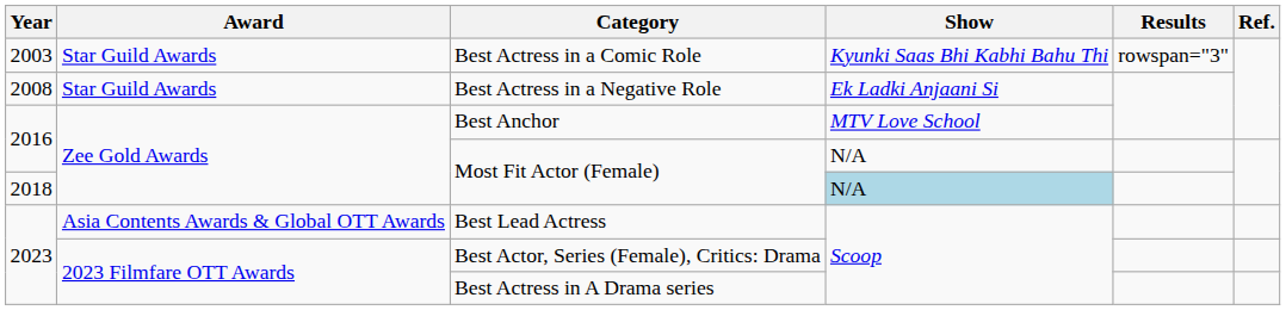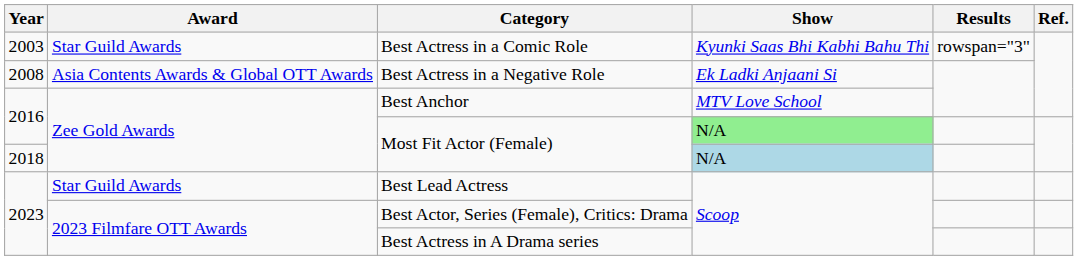 <table class="wikitable">
 <tr>
 <th>Year</th>
 <th>Award</th>
 <th>Category</th>
 <th>Show</th>
 <th>Results</th>
 <th>Ref.</th>
 </tr>
 <tr>
 <td rowspan="1">2003</td>
 <td><a href='#'>Star Guild Awards</a></td>
 <td>Best Actress in a Comic Role</td>
 <td rowspan="1"><em><a href='#'>Kyunki Saas Bhi Kabhi Bahu Thi</a></em></td>
 <td>rowspan="3" </td>
 <td rowspan="3"></td>
 </tr>
 <tr>
 <td>2008</td>
-<td><a href='#'>Star Guild Awards</a></td>
+<td><a href='#'>Asia Contents Awards & Global OTT Awards</a></td>
 <td>Best Actress in a Negative Role</td>
 <td><em><a href='#'>Ek Ladki Anjaani Si</a></em></td>
 </tr>
 <tr>
 <td rowspan="2">2016</td>
 <td rowspan="3"><a href='#'>Zee Gold Awards</a></td>
 <td>Best Anchor</td>
 <td><em><a href='#'>MTV Love School</a></em></td>
 </tr>
 <tr>
 <td rowspan="2">Most Fit Actor (Female)</td>
-<td>N/A</td>
+<td style="background: lightgreen;">N/A</td>
 <td></td>
 <td style="text-align:center;" rowspan="2"></td>
 </tr>
 <tr>
 <td>2018</td>
 <td style="background: lightblue;">N/A</td>
 <td></td>
 </tr>
 <tr>
 <td rowspan="3">2023</td>
-<td><a href='#'>Asia Contents Awards & Global OTT Awards</a></td>
+<td><a href='#'>Star Guild Awards</a></td>
 <td>Best Lead Actress</td>
 <td rowspan="3"><em><a href='#'>Scoop</a></em></td>
 <td></td>
 <td style="text-align:center;"></td>
 </tr>
 <tr>
 <td rowspan="2"><a href='#'>2023 Filmfare OTT Awards</a></td>
 <td>Best Actor, Series (Female), Critics: Drama</td>
 <td></td>
 <td style="text-align:center;"></td>
 </tr>
 <tr>
 <td>Best Actress in A Drama series</td>
 <td></td>
 </tr>
 </table>
